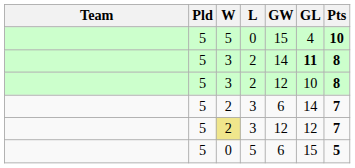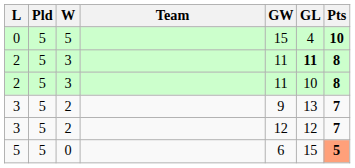 <table class="wikitable" style="text-align:center">
 <tr>
-<th width=200>Team</th>
+<th width=20>L</th>
 <th width=20>Pld</th>
 <th width=20>W</th>
-<th width=20>L</th>
+<th width=200>Team</th>
 <th width=20>GW</th>
 <th width=20>GL</th>
 <th width=20>Pts</th>
 </tr>
 <tr bgcolor=ccffcc>
-<td style="text-align:left;"></td>
+<td>0</td>
 <td>5</td>
 <td>5</td>
-<td>0</td>
+<td style="text-align:left;"></td>
 <td>15</td>
 <td>4</td>
 <td><strong>10</strong></td>
 </tr>
 <tr bgcolor=ccffcc>
-<td style="text-align:left;"></td>
+<td>2</td>
 <td>5</td>
 <td>3</td>
-<td>2</td>
-<td>14</td>
+<td style="text-align:left;"></td>
+<td>11</td>
 <td><strong>11</strong></td>
 <td><strong>8</strong></td>
 </tr>
 <tr bgcolor=ccffcc>
-<td style="text-align:left;"></td>
+<td>2</td>
 <td>5</td>
 <td>3</td>
-<td>2</td>
-<td>12</td>
+<td style="text-align:left;"></td>
+<td>11</td>
 <td>10</td>
 <td><strong>8</strong></td>
 </tr>
 <tr>
-<td style="text-align:left;"></td>
+<td>3</td>
 <td>5</td>
 <td>2</td>
-<td>3</td>
-<td>6</td>
-<td>14</td>
+<td style="text-align:left;"></td>
+<td>9</td>
+<td>13</td>
 <td><strong>7</strong></td>
 </tr>
 <tr>
+<td>3</td>
+<td>5</td>
+<td>2</td>
 <td style="text-align:left;"></td>
-<td>5</td>
-<td style="background: khaki;">2</td>
-<td>3</td>
 <td>12</td>
 <td>12</td>
 <td><strong>7</strong></td>
 </tr>
 <tr>
-<td style="text-align:left;"></td>
+<td>5</td>
 <td>5</td>
 <td>0</td>
-<td>5</td>
+<td style="text-align:left;"></td>
 <td>6</td>
 <td>15</td>
-<td><strong>5</strong></td>
+<td style="background: lightsalmon;"><strong>5</strong></td>
 </tr>
 </table>
